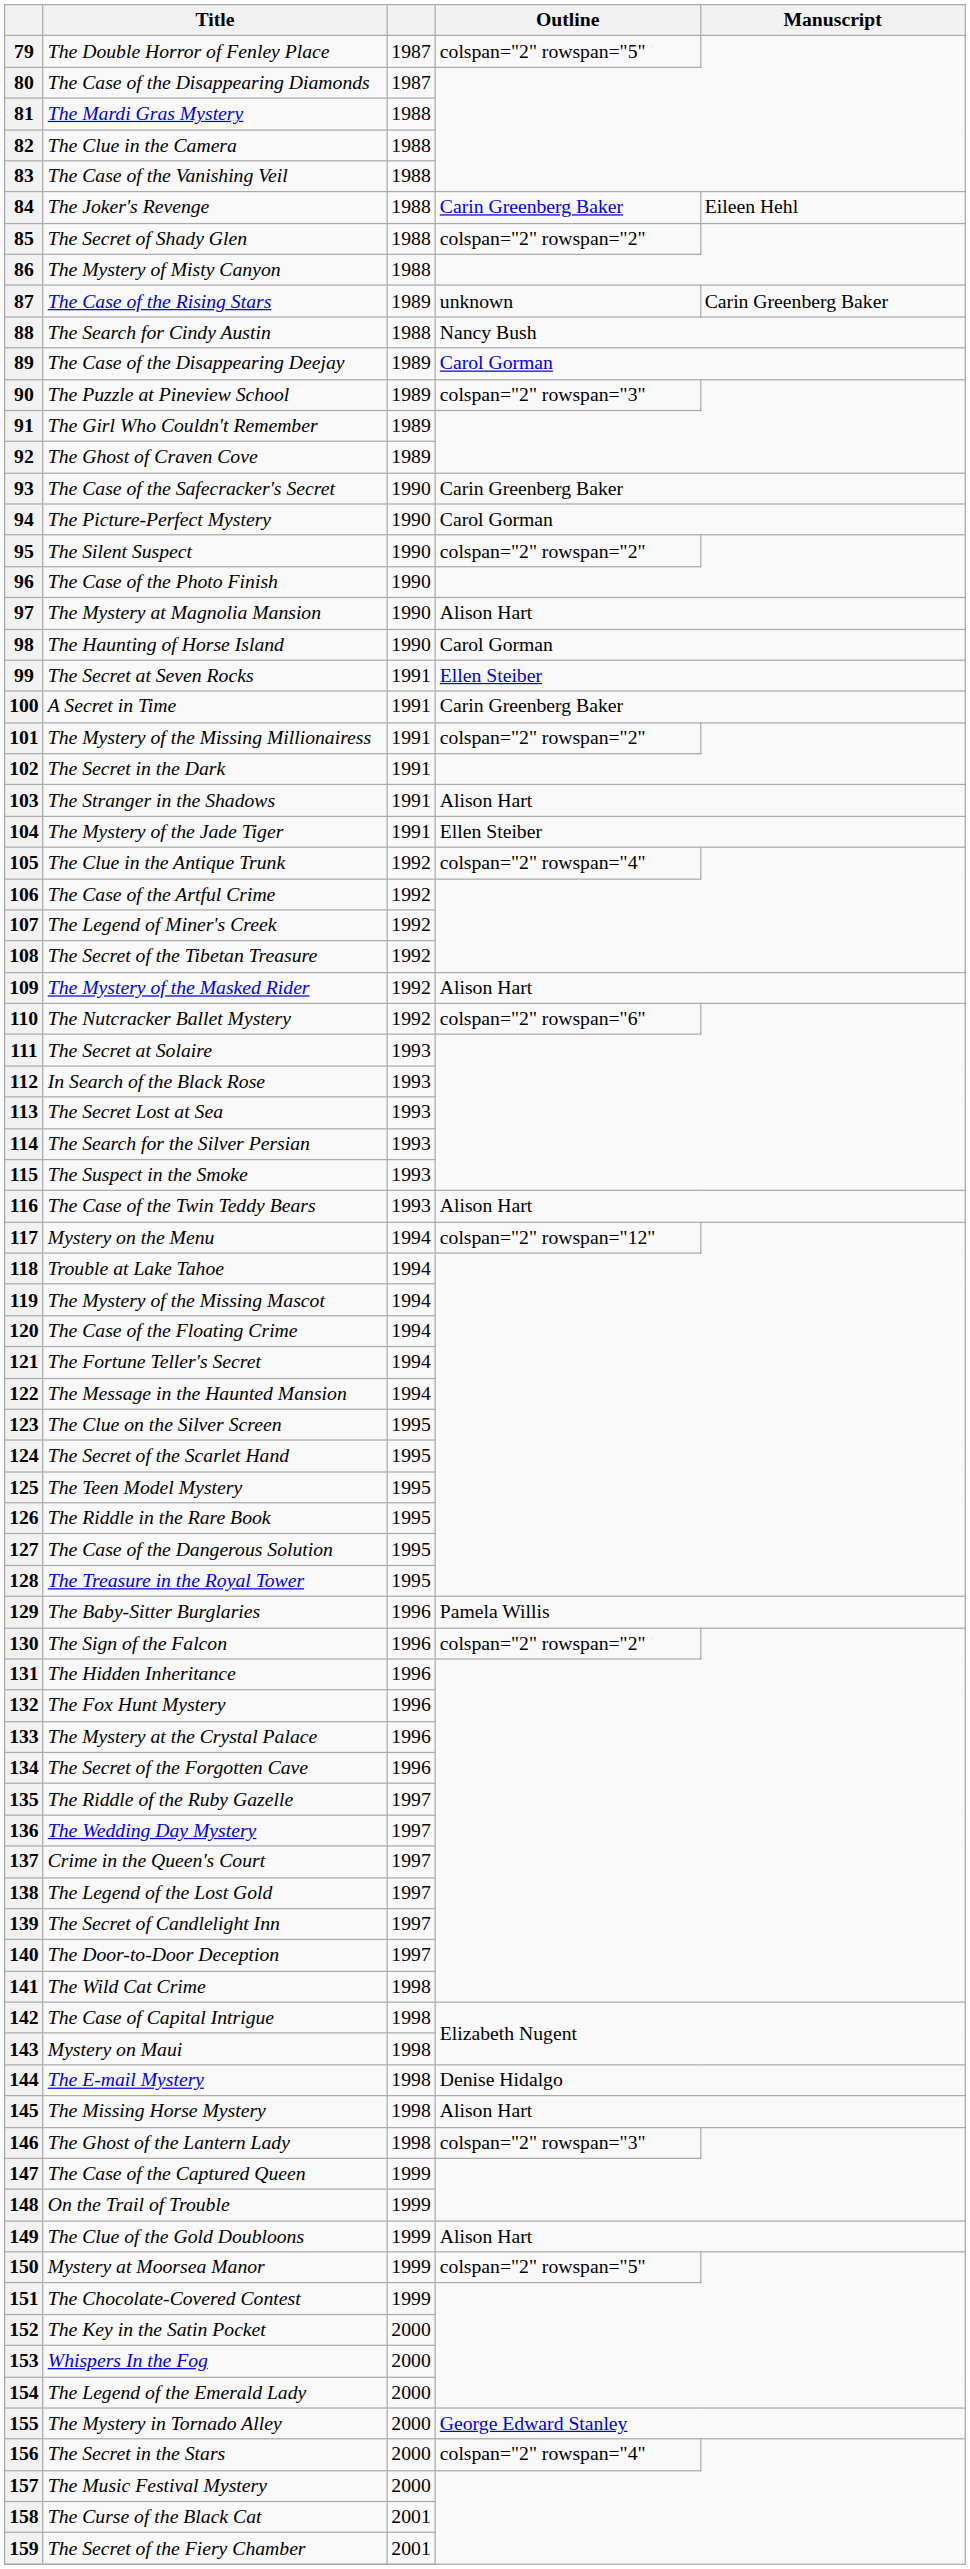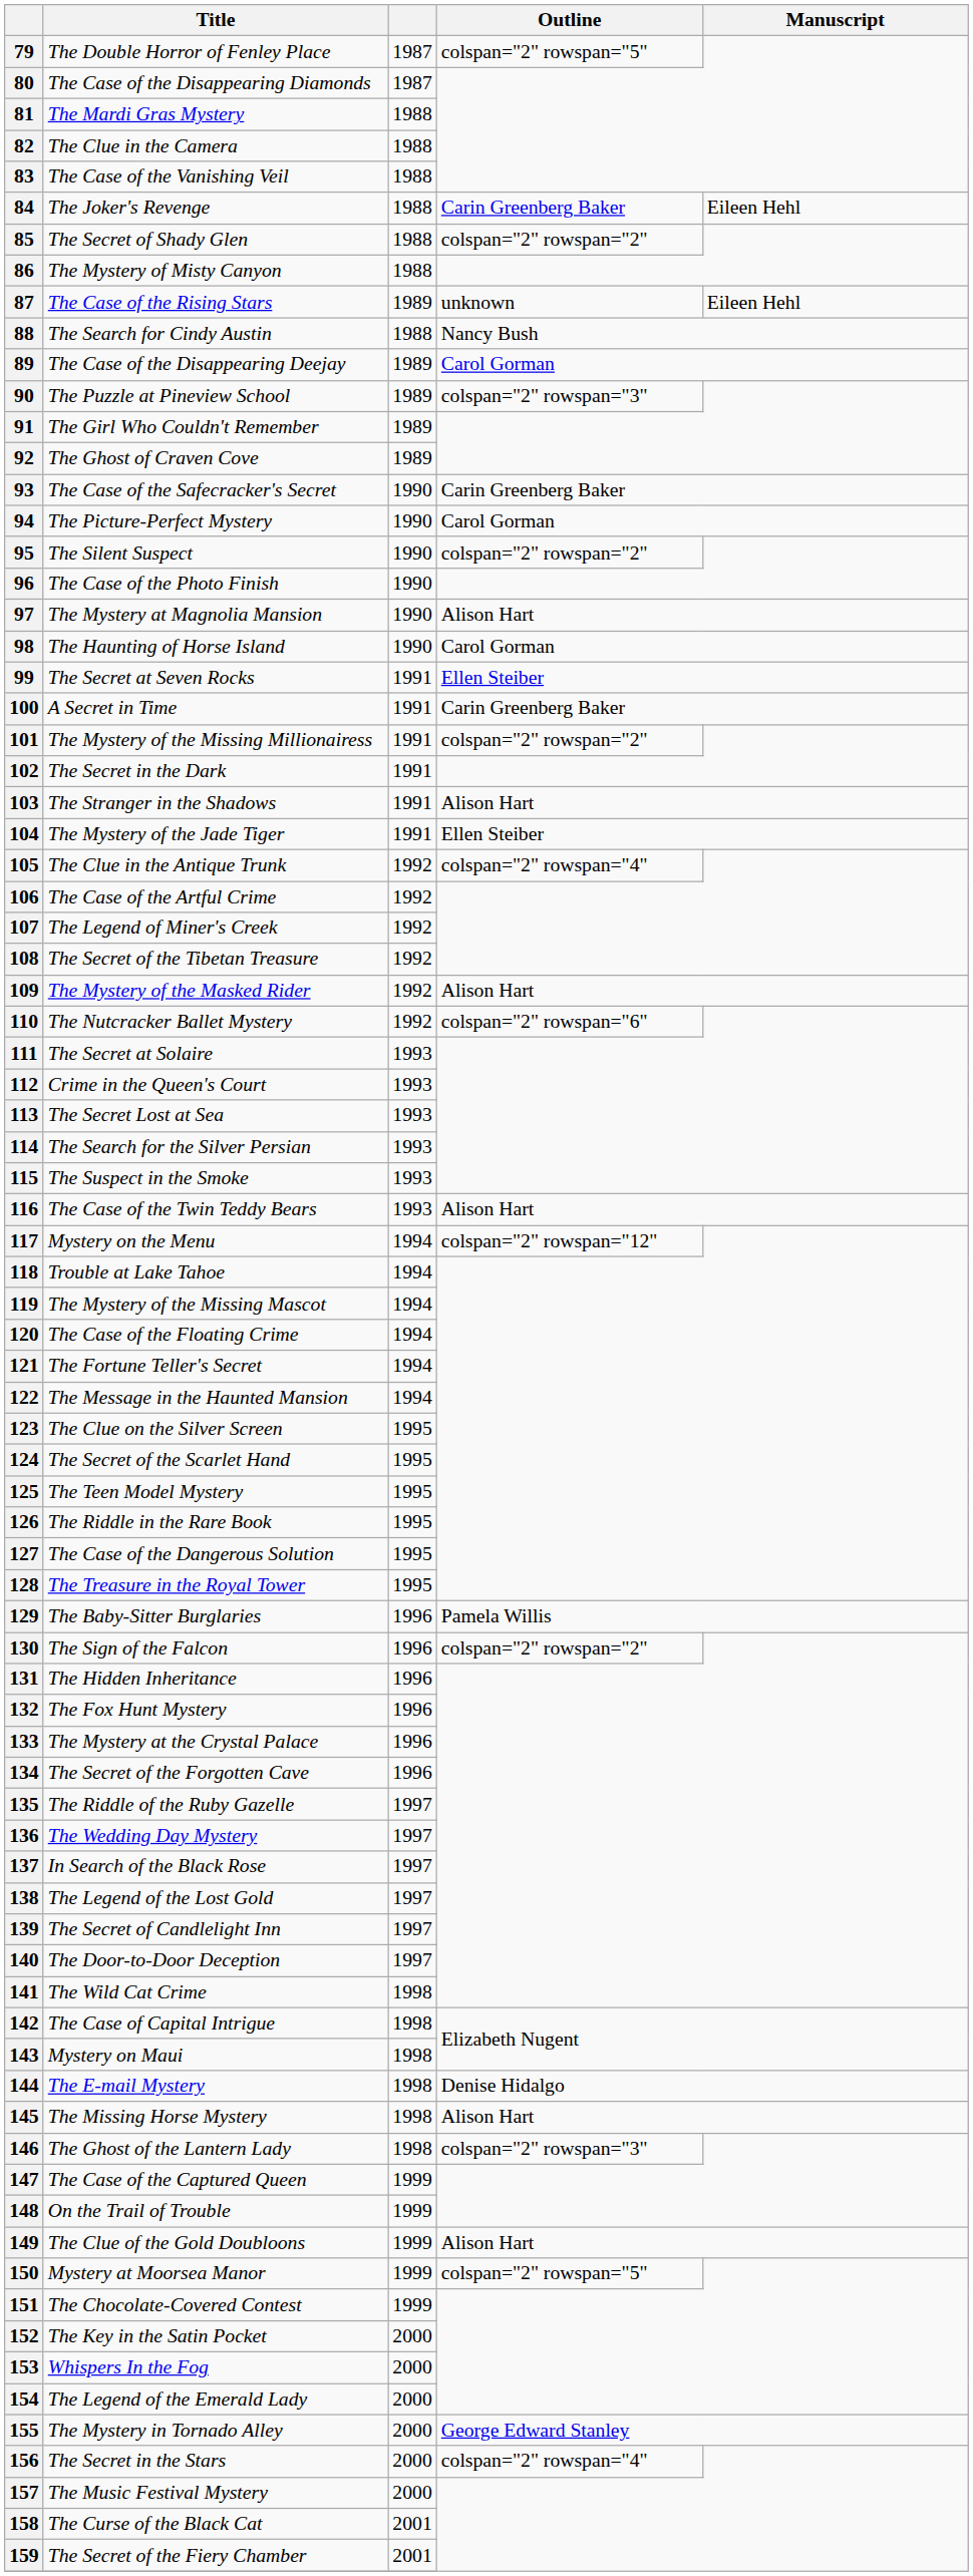 <table class="wikitable">
 <tr>
 <th></th>
 <th scope="col" style="width:17em;">Title</th>
 <th></th>
 <th scope="col" style="width:13em;">Outline</th>
 <th scope="col" style="width:13em;">Manuscript</th>
 </tr>
 <tr>
 <th>79</th>
 <td><em>The Double Horror of Fenley Place</em></td>
 <td>1987</td>
 <td>colspan="2" rowspan="5" </td>
 </tr>
 <tr>
 <th>80</th>
 <td><em>The Case of the Disappearing Diamonds</em></td>
 <td>1987</td>
 </tr>
 <tr>
 <th>81</th>
 <td><em><a href='#'>The Mardi Gras Mystery</a></em></td>
 <td>1988</td>
 </tr>
 <tr>
 <th>82</th>
 <td><em>The Clue in the Camera</em></td>
 <td>1988</td>
 </tr>
 <tr>
 <th>83</th>
 <td><em>The Case of the Vanishing Veil</em></td>
 <td>1988</td>
 </tr>
 <tr>
 <th>84</th>
 <td><em>The Joker's Revenge</em></td>
 <td>1988</td>
 <td><a href='#'>Carin Greenberg Baker</a></td>
 <td>Eileen Hehl</td>
 </tr>
 <tr>
 <th>85</th>
 <td><em>The Secret of Shady Glen</em></td>
 <td>1988</td>
 <td>colspan="2" rowspan="2" </td>
 </tr>
 <tr>
 <th>86</th>
 <td><em>The Mystery of Misty Canyon</em></td>
 <td>1988</td>
 </tr>
 <tr>
 <th>87</th>
 <td><em><a href='#'>The Case of the Rising Stars</a></em></td>
 <td>1989</td>
 <td>unknown</td>
-<td>Carin Greenberg Baker</td>
+<td>Eileen Hehl</td>
 </tr>
 <tr>
 <th>88</th>
 <td><em>The Search for Cindy Austin</em></td>
 <td>1988</td>
 <td colspan="2">Nancy Bush</td>
 </tr>
 <tr>
 <th>89</th>
 <td><em>The Case of the Disappearing Deejay</em></td>
 <td>1989</td>
 <td colspan="2"><a href='#'>Carol Gorman</a></td>
 </tr>
 <tr>
 <th>90</th>
 <td><em>The Puzzle at Pineview School</em></td>
 <td>1989</td>
 <td>colspan="2" rowspan="3" </td>
 </tr>
 <tr>
 <th>91</th>
 <td><em>The Girl Who Couldn't Remember</em></td>
 <td>1989</td>
 </tr>
 <tr>
 <th>92</th>
 <td><em>The Ghost of Craven Cove</em></td>
 <td>1989</td>
 </tr>
 <tr>
 <th>93</th>
 <td><em>The Case of the Safecracker's Secret</em></td>
 <td>1990</td>
 <td colspan="2">Carin Greenberg Baker</td>
 </tr>
 <tr>
 <th>94</th>
 <td><em>The Picture-Perfect Mystery</em></td>
 <td>1990</td>
 <td colspan="2">Carol Gorman</td>
 </tr>
 <tr>
 <th>95</th>
 <td><em>The Silent Suspect</em></td>
 <td>1990</td>
 <td>colspan="2" rowspan="2" </td>
 </tr>
 <tr>
 <th>96</th>
 <td><em>The Case of the Photo Finish</em></td>
 <td>1990</td>
 </tr>
 <tr>
 <th>97</th>
 <td><em>The Mystery at Magnolia Mansion</em></td>
 <td>1990</td>
 <td colspan="2">Alison Hart</td>
 </tr>
 <tr>
 <th>98</th>
 <td><em>The Haunting of Horse Island</em></td>
 <td>1990</td>
 <td colspan="2">Carol Gorman</td>
 </tr>
 <tr>
 <th>99</th>
 <td><em>The Secret at Seven Rocks</em></td>
 <td>1991</td>
 <td colspan="2"><a href='#'>Ellen Steiber</a></td>
 </tr>
 <tr>
 <th>100</th>
 <td><em>A Secret in Time</em></td>
 <td>1991</td>
 <td colspan="2">Carin Greenberg Baker</td>
 </tr>
 <tr>
 <th>101</th>
 <td><em>The Mystery of the Missing Millionairess</em></td>
 <td>1991</td>
 <td>colspan="2" rowspan="2" </td>
 </tr>
 <tr>
 <th>102</th>
 <td><em>The Secret in the Dark</em></td>
 <td>1991</td>
 </tr>
 <tr>
 <th>103</th>
 <td><em>The Stranger in the Shadows</em></td>
 <td>1991</td>
 <td colspan="2">Alison Hart</td>
 </tr>
 <tr>
 <th>104</th>
 <td><em>The Mystery of the Jade Tiger</em></td>
 <td>1991</td>
 <td colspan="2">Ellen Steiber</td>
 </tr>
 <tr>
 <th>105</th>
 <td><em>The Clue in the Antique Trunk</em></td>
 <td>1992</td>
 <td>colspan="2" rowspan="4" </td>
 </tr>
 <tr>
 <th>106</th>
 <td><em>The Case of the Artful Crime</em></td>
 <td>1992</td>
 </tr>
 <tr>
 <th>107</th>
 <td><em>The Legend of Miner's Creek</em></td>
 <td>1992</td>
 </tr>
 <tr>
 <th>108</th>
 <td><em>The Secret of the Tibetan Treasure</em></td>
 <td>1992</td>
 </tr>
 <tr>
 <th>109</th>
 <td><em><a href='#'>The Mystery of the Masked Rider</a></em></td>
 <td>1992</td>
 <td colspan="2">Alison Hart</td>
 </tr>
 <tr>
 <th>110</th>
 <td><em>The Nutcracker Ballet Mystery</em></td>
 <td>1992</td>
 <td>colspan="2" rowspan="6" </td>
 </tr>
 <tr>
 <th>111</th>
 <td><em>The Secret at Solaire</em></td>
 <td>1993</td>
 </tr>
 <tr>
 <th>112</th>
-<td><em>In Search of the Black Rose</em></td>
+<td><em>Crime in the Queen's Court</em></td>
 <td>1993</td>
 </tr>
 <tr>
 <th>113</th>
 <td><em>The Secret Lost at Sea</em></td>
 <td>1993</td>
 </tr>
 <tr>
 <th>114</th>
 <td><em>The Search for the Silver Persian</em></td>
 <td>1993</td>
 </tr>
 <tr>
 <th>115</th>
 <td><em>The Suspect in the Smoke</em></td>
 <td>1993</td>
 </tr>
 <tr>
 <th>116</th>
 <td><em>The Case of the Twin Teddy Bears</em></td>
 <td>1993</td>
 <td colspan="2">Alison Hart</td>
 </tr>
 <tr>
 <th>117</th>
 <td><em>Mystery on the Menu</em></td>
 <td>1994</td>
 <td>colspan="2" rowspan="12" </td>
 </tr>
 <tr>
 <th>118</th>
 <td><em>Trouble at Lake Tahoe</em></td>
 <td>1994</td>
 </tr>
 <tr>
 <th>119</th>
 <td><em>The Mystery of the Missing Mascot</em></td>
 <td>1994</td>
 </tr>
 <tr>
 <th>120</th>
 <td><em>The Case of the Floating Crime</em></td>
 <td>1994</td>
 </tr>
 <tr>
 <th>121</th>
 <td><em>The Fortune Teller's Secret</em></td>
 <td>1994</td>
 </tr>
 <tr>
 <th>122</th>
 <td><em>The Message in the Haunted Mansion</em></td>
 <td>1994</td>
 </tr>
 <tr>
 <th>123</th>
 <td><em>The Clue on the Silver Screen</em></td>
 <td>1995</td>
 </tr>
 <tr>
 <th>124</th>
 <td><em>The Secret of the Scarlet Hand</em></td>
 <td>1995</td>
 </tr>
 <tr>
 <th>125</th>
 <td><em>The Teen Model Mystery</em></td>
 <td>1995</td>
 </tr>
 <tr>
 <th>126</th>
 <td><em>The Riddle in the Rare Book</em></td>
 <td>1995</td>
 </tr>
 <tr>
 <th>127</th>
 <td><em>The Case of the Dangerous Solution</em></td>
 <td>1995</td>
 </tr>
 <tr>
 <th>128</th>
 <td><em><a href='#'>The Treasure in the Royal Tower</a></em></td>
 <td>1995</td>
 </tr>
 <tr>
 <th>129</th>
 <td><em>The Baby-Sitter Burglaries</em></td>
 <td>1996</td>
 <td colspan="2">Pamela Willis</td>
 </tr>
 <tr>
 <th>130</th>
 <td><em>The Sign of the Falcon</em></td>
 <td>1996</td>
 <td>colspan="2" rowspan="2" </td>
 </tr>
 <tr>
 <th>131</th>
 <td><em>The Hidden Inheritance</em></td>
 <td>1996</td>
 </tr>
 <tr>
 <th>132</th>
 <td><em>The Fox Hunt Mystery</em></td>
 <td>1996</td>
 </tr>
 <tr>
 <th>133</th>
 <td><em>The Mystery at the Crystal Palace</em></td>
 <td>1996</td>
 </tr>
 <tr>
 <th>134</th>
 <td><em>The Secret of the Forgotten Cave</em></td>
 <td>1996</td>
 </tr>
 <tr>
 <th>135</th>
 <td><em>The Riddle of the Ruby Gazelle</em></td>
 <td>1997</td>
 </tr>
 <tr>
 <th>136</th>
 <td><em><a href='#'>The Wedding Day Mystery</a></em></td>
 <td>1997</td>
 </tr>
 <tr>
 <th>137</th>
-<td><em>Crime in the Queen's Court</em></td>
+<td><em>In Search of the Black Rose</em></td>
 <td>1997</td>
 </tr>
 <tr>
 <th>138</th>
 <td><em>The Legend of the Lost Gold</em></td>
 <td>1997</td>
 </tr>
 <tr>
 <th>139</th>
 <td><em>The Secret of Candlelight Inn</em></td>
 <td>1997</td>
 </tr>
 <tr>
 <th>140</th>
 <td><em>The Door-to-Door Deception</em></td>
 <td>1997</td>
 </tr>
 <tr>
 <th>141</th>
 <td><em>The Wild Cat Crime</em></td>
 <td>1998</td>
 </tr>
 <tr>
 <th>142</th>
 <td><em>The Case of Capital Intrigue</em></td>
 <td>1998</td>
 <td colspan="2" rowspan="2">Elizabeth Nugent</td>
 </tr>
 <tr>
 <th>143</th>
 <td><em>Mystery on Maui</em></td>
 <td>1998</td>
 </tr>
 <tr>
 <th>144</th>
 <td><em><a href='#'>The E-mail Mystery</a></em></td>
 <td>1998</td>
 <td colspan="2">Denise Hidalgo</td>
 </tr>
 <tr>
 <th>145</th>
 <td><em>The Missing Horse Mystery</em></td>
 <td>1998</td>
 <td colspan="2">Alison Hart</td>
 </tr>
 <tr>
 <th>146</th>
 <td><em>The Ghost of the Lantern Lady</em></td>
 <td>1998</td>
 <td>colspan="2" rowspan="3" </td>
 </tr>
 <tr>
 <th>147</th>
 <td><em>The Case of the Captured Queen</em></td>
 <td>1999</td>
 </tr>
 <tr>
 <th>148</th>
 <td><em>On the Trail of Trouble</em></td>
 <td>1999</td>
 </tr>
 <tr>
 <th>149</th>
 <td><em>The Clue of the Gold Doubloons</em></td>
 <td>1999</td>
 <td colspan="2">Alison Hart</td>
 </tr>
 <tr>
 <th>150</th>
 <td><em>Mystery at Moorsea Manor</em></td>
 <td>1999</td>
 <td>colspan="2" rowspan="5" </td>
 </tr>
 <tr>
 <th>151</th>
 <td><em>The Chocolate-Covered Contest</em></td>
 <td>1999</td>
 </tr>
 <tr>
 <th>152</th>
 <td><em>The Key in the Satin Pocket</em></td>
 <td>2000</td>
 </tr>
 <tr>
 <th>153</th>
 <td><em><a href='#'>Whispers In the Fog</a></em></td>
 <td>2000</td>
 </tr>
 <tr>
 <th>154</th>
 <td><em>The Legend of the Emerald Lady</em></td>
 <td>2000</td>
 </tr>
 <tr>
 <th>155</th>
 <td><em>The Mystery in Tornado Alley</em></td>
 <td>2000</td>
 <td colspan="2"><a href='#'>George Edward Stanley</a></td>
 </tr>
 <tr>
 <th>156</th>
 <td><em>The Secret in the Stars</em></td>
 <td>2000</td>
 <td>colspan="2" rowspan="4" </td>
 </tr>
 <tr>
 <th>157</th>
 <td><em>The Music Festival Mystery</em></td>
 <td>2000</td>
 </tr>
 <tr>
 <th>158</th>
 <td><em>The Curse of the Black Cat</em></td>
 <td>2001</td>
 </tr>
 <tr>
 <th>159</th>
 <td><em>The Secret of the Fiery Chamber</em></td>
 <td>2001</td>
 </tr>
 <tr>
 </tr>
 </table>
